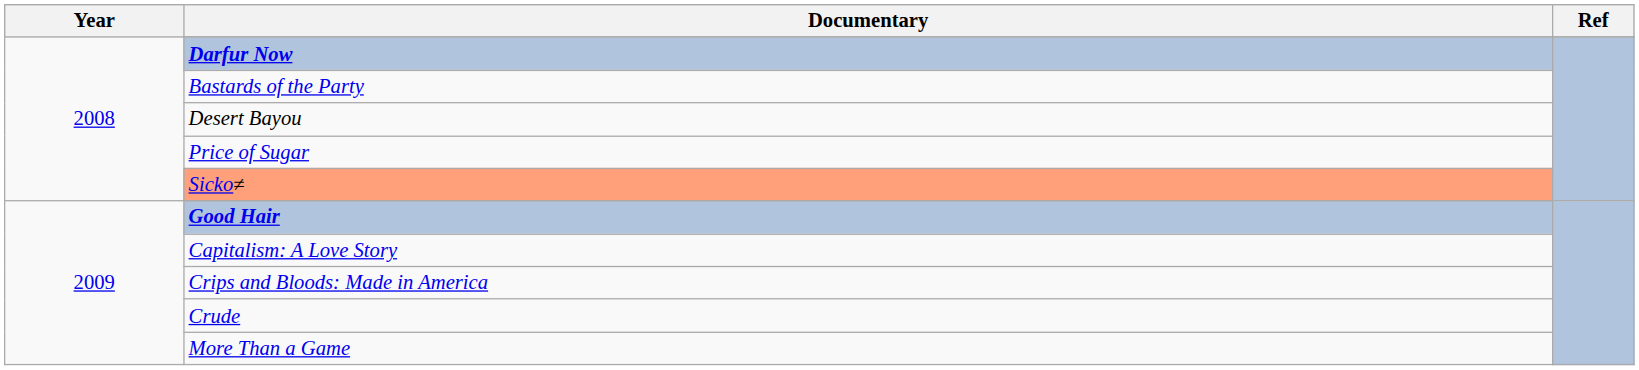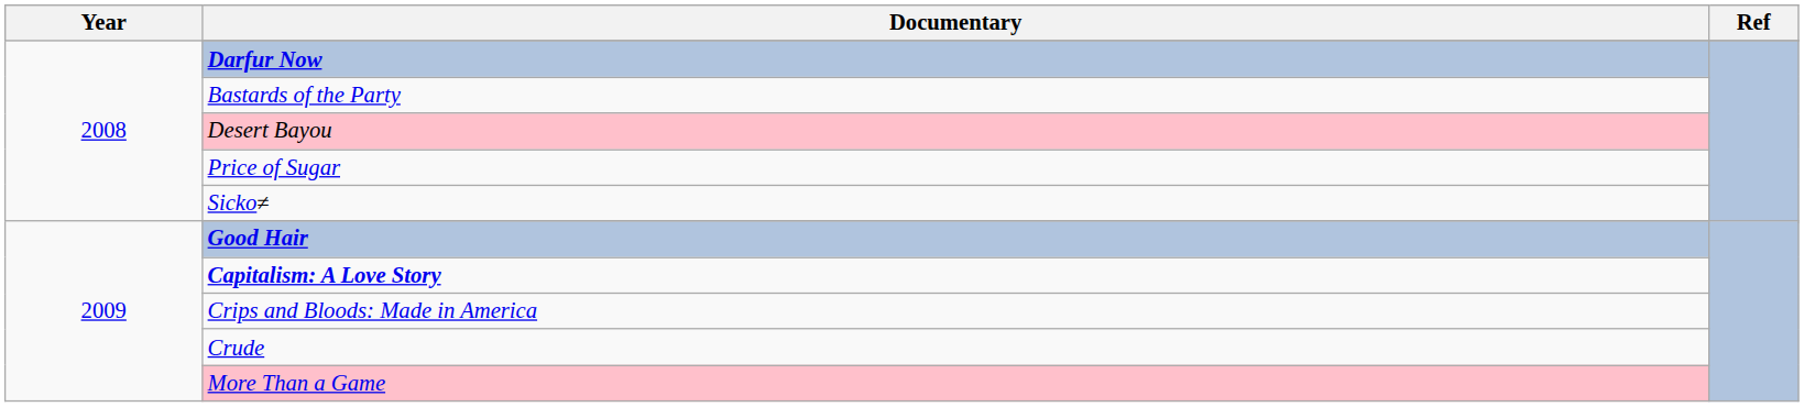 <table class="wikitable" style="width:100%;">
 <tr style="background:#bebebe;">
 <th style="width:11%;">Year</th>
 <th style="width:84%;">Documentary</th>
 <th style="width:5%;">Ref</th>
 </tr>
 <tr>
 <td rowspan="6" align="center"><a href='#'>2008</a></td>
 </tr>
 <tr style="background:#B0C4DE">
 <td><strong><em><a href='#'>Darfur Now</a></em></strong></td>
 <td rowspan="6" align="center"></td>
 </tr>
 <tr>
 <td><em><a href='#'>Bastards of the Party</a></em></td>
 </tr>
 <tr>
-<td><em>Desert Bayou</em></td>
+<td style="background: pink;"><em>Desert Bayou</em></td>
 </tr>
 <tr>
 <td><em><a href='#'>Price of Sugar</a></em></td>
 </tr>
 <tr>
-<td style="background: lightsalmon;"><em><a href='#'>Sicko</a></em>≠</td>
+<td><em><a href='#'>Sicko</a></em>≠</td>
 </tr>
 <tr>
 <td rowspan="6" align="center"><a href='#'>2009</a></td>
 </tr>
 <tr style="background:#B0C4DE">
 <td><strong><em><a href='#'>Good Hair</a></em></strong></td>
 <td rowspan="6" align="center"></td>
 </tr>
 <tr>
-<td><em><a href='#'>Capitalism: A Love Story</a></em></td>
+<td><strong><em><a href='#'>Capitalism: A Love Story</a></em></strong></td>
 </tr>
 <tr>
 <td><em><a href='#'>Crips and Bloods: Made in America</a></em></td>
 </tr>
 <tr>
 <td><em><a href='#'>Crude</a></em></td>
 </tr>
 <tr>
-<td><em><a href='#'>More Than a Game</a></em></td>
+<td style="background: pink;"><em><a href='#'>More Than a Game</a></em></td>
 </tr>
 </table>
